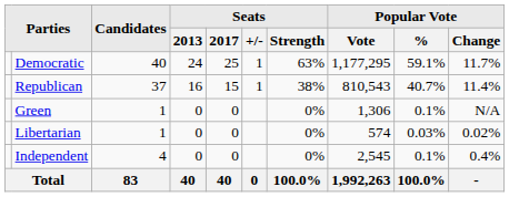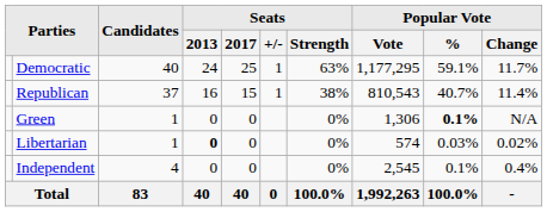 <table class=wikitable>
 <tr>
 <th style="background-color:#E9E9E9" align=center rowspan= 2 colspan=2>Parties</th>
 <th style="background-color:#E9E9E9" align=center rowspan= 2>Candidates</th>
 <th style="background-color:#E9E9E9" align=center colspan=4>Seats</th>
 <th style="background-color:#E9E9E9" align=center colspan=3>Popular Vote</th>
 </tr>
 <tr>
 <th align=center>2013</th>
 <th align=center>2017</th>
 <th align=center>+/-</th>
 <th align=center>Strength</th>
 <th align=center>Vote</th>
 <th align=center>%</th>
 <th align=center>Change</th>
 </tr>
 <tr>
 <td></td>
 <td align=left><a href='#'>Democratic</a></td>
 <td align=right>40</td>
 <td align=right >24</td>
 <td align=right >25</td>
 <td align=right>1</td>
 <td align=right >63%</td>
 <td align=right >1,177,295</td>
 <td align=right >59.1%</td>
 <td align=right>11.7%</td>
 </tr>
 <tr>
 <td></td>
 <td align=left><a href='#'>Republican</a></td>
 <td align=right>37</td>
 <td align=right>16</td>
 <td align=right>15</td>
 <td align=right>1</td>
 <td align=right>38%</td>
 <td align=right>810,543</td>
 <td align=right>40.7%</td>
 <td align=right>11.4%</td>
 </tr>
 <tr>
 <td></td>
 <td><a href='#'>Green</a></td>
 <td align=right>1</td>
 <td align=right>0</td>
 <td align=right>0</td>
 <td align=right></td>
 <td align=right>0%</td>
 <td align=right>1,306</td>
-<td align=right>0.1%</td>
+<td align=right><strong>0.1%</strong></td>
 <td align=right>N/A</td>
 </tr>
 <tr>
 <td></td>
 <td><a href='#'>Libertarian</a></td>
 <td align=right>1</td>
-<td align=right>0</td>
+<td align=right><strong>0</strong></td>
 <td align=right>0</td>
 <td align=right></td>
 <td align=right>0%</td>
 <td align=right>574</td>
 <td align=right>0.03%</td>
 <td align=right>0.02%</td>
 </tr>
 <tr>
 <td></td>
 <td><a href='#'>Independent</a></td>
 <td align=right>4</td>
 <td align=right>0</td>
 <td align=right>0</td>
 <td align=right></td>
 <td align=right>0%</td>
 <td align=right>2,545</td>
 <td align=right>0.1%</td>
 <td align=right>0.4%</td>
 </tr>
 <tr>
 <th align=center colspan="2">Total</th>
 <th align=center>83</th>
 <th align=center>40</th>
 <th align=center>40</th>
 <th align=center>0</th>
 <th align=center>100.0%</th>
 <th align=center>1,992,263</th>
 <th align=center>100.0%</th>
 <th align=center>-</th>
 </tr>
 </table>
